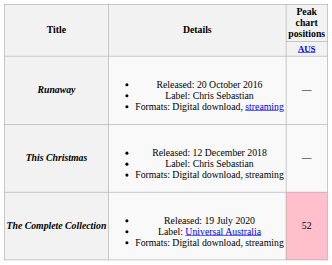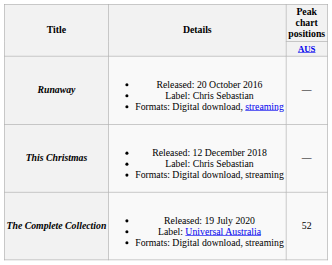 <table class="wikitable plainrowheaders" style="text-align:center;">
 <tr>
 <th scope="col" rowspan="2">Title</th>
 <th scope="col" rowspan="2">Details</th>
 <th scope="col" colspan="1">Peak chart positions</th>
 </tr>
 <tr>
 <th scope="col" style="width:3em;font-size:90%;"><a href='#'>AUS</a><br></th>
 </tr>
 <tr>
 <th scope="row"><em>Runaway</em></th>
 <td><br><ul><li>Released: 20 October 2016</li><li>Label: Chris Sebastian</li><li>Formats: Digital download, <a href='#'>streaming</a></li></ul></td>
 <td>—</td>
 </tr>
 <tr>
 <th scope="row"><em>This Christmas</em></th>
 <td><br><ul><li>Released: 12 December 2018</li><li>Label: Chris Sebastian</li><li>Formats: Digital download, streaming</li></ul></td>
 <td>—</td>
 </tr>
 <tr>
 <th scope="row"><em>The Complete Collection</em></th>
 <td><br><ul><li>Released: 19 July 2020</li><li>Label: <a href='#'>Universal Australia</a></li><li>Formats: Digital download, streaming</li></ul></td>
-<td style="background: pink;">52</td>
+<td>52</td>
 </tr>
 </table>
